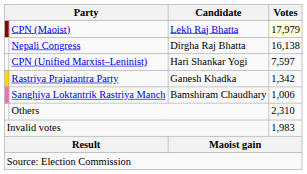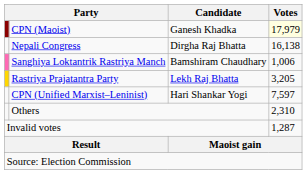 <table class="wikitable">
 <tr>
 <th colspan="2">Party</th>
 <th>Candidate</th>
 <th>Votes</th>
 </tr>
 <tr>
 <td style="background-color:darkred"></td>
 <td><a href='#'>CPN (Maoist)</a></td>
-<td><a href='#'>Lekh Raj Bhatta</a></td>
+<td>Ganesh Khadka</td>
 <td style="background: lightyellow;">17,979</td>
 </tr>
 <tr>
 <td style="background-color:"></td>
 <td><a href='#'>Nepali Congress</a></td>
 <td>Dirgha Raj Bhatta</td>
 <td>16,138</td>
 </tr>
 <tr>
+<td style="background-color:hotpink"></td>
+<td><a href='#'>Sanghiya Loktantrik Rastriya Manch</a></td>
+<td>Bamshiram Chaudhary</td>
+<td>1,006</td>
+</tr>
+<tr>
+<td style="background-color:gold"></td>
+<td><a href='#'>Rastriya Prajatantra Party</a></td>
+<td><a href='#'>Lekh Raj Bhatta</a></td>
+<td>3,205</td>
+</tr>
+<tr>
 <td style="background-color:"></td>
 <td><a href='#'>CPN (Unified Marxist–Leninist)</a></td>
 <td>Hari Shankar Yogi</td>
 <td>7,597</td>
-</tr>
-<tr>
-<td style="background-color:gold"></td>
-<td><a href='#'>Rastriya Prajatantra Party</a></td>
-<td>Ganesh Khadka</td>
-<td>1,342</td>
-</tr>
-<tr>
-<td style="background-color:hotpink"></td>
-<td><a href='#'>Sanghiya Loktantrik Rastriya Manch</a></td>
-<td>Bamshiram Chaudhary</td>
-<td>1,006</td>
 </tr>
 <tr>
 <td></td>
 <td colspan="2">Others</td>
 <td>2,310</td>
 </tr>
 <tr>
 <td colspan="3">Invalid votes</td>
-<td>1,983</td>
+<td>1,287</td>
 </tr>
 <tr>
 <th colspan="2">Result</th>
 <th colspan="2">Maoist gain</th>
 </tr>
 <tr>
 <td colspan="4">Source: Election Commission</td>
 </tr>
 </table>
